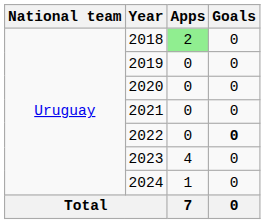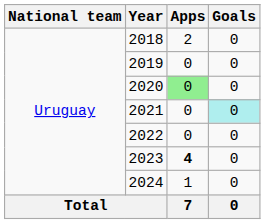 <table class="wikitable" style="text-align:center">
 <tr>
 <th>National team</th>
 <th>Year</th>
 <th>Apps</th>
 <th>Goals</th>
 </tr>
 <tr>
 <td rowspan="7"><a href='#'>Uruguay</a></td>
 <td>2018</td>
-<td style="background: lightgreen;">2</td>
+<td>2</td>
 <td>0</td>
 </tr>
 <tr>
 <td>2019</td>
 <td>0</td>
 <td>0</td>
 </tr>
 <tr>
 <td>2020</td>
-<td>0</td>
+<td style="background: lightgreen;">0</td>
 <td>0</td>
 </tr>
 <tr>
 <td>2021</td>
 <td>0</td>
-<td>0</td>
+<td style="background: paleturquoise;">0</td>
 </tr>
 <tr>
 <td>2022</td>
 <td>0</td>
-<td><strong>0</strong></td>
+<td>0</td>
 </tr>
 <tr>
 <td>2023</td>
-<td>4</td>
+<td><strong>4</strong></td>
 <td>0</td>
 </tr>
 <tr>
 <td>2024</td>
 <td>1</td>
 <td>0</td>
 </tr>
 <tr>
 <th colspan="2">Total</th>
 <th>7</th>
 <th>0</th>
 </tr>
 </table>
